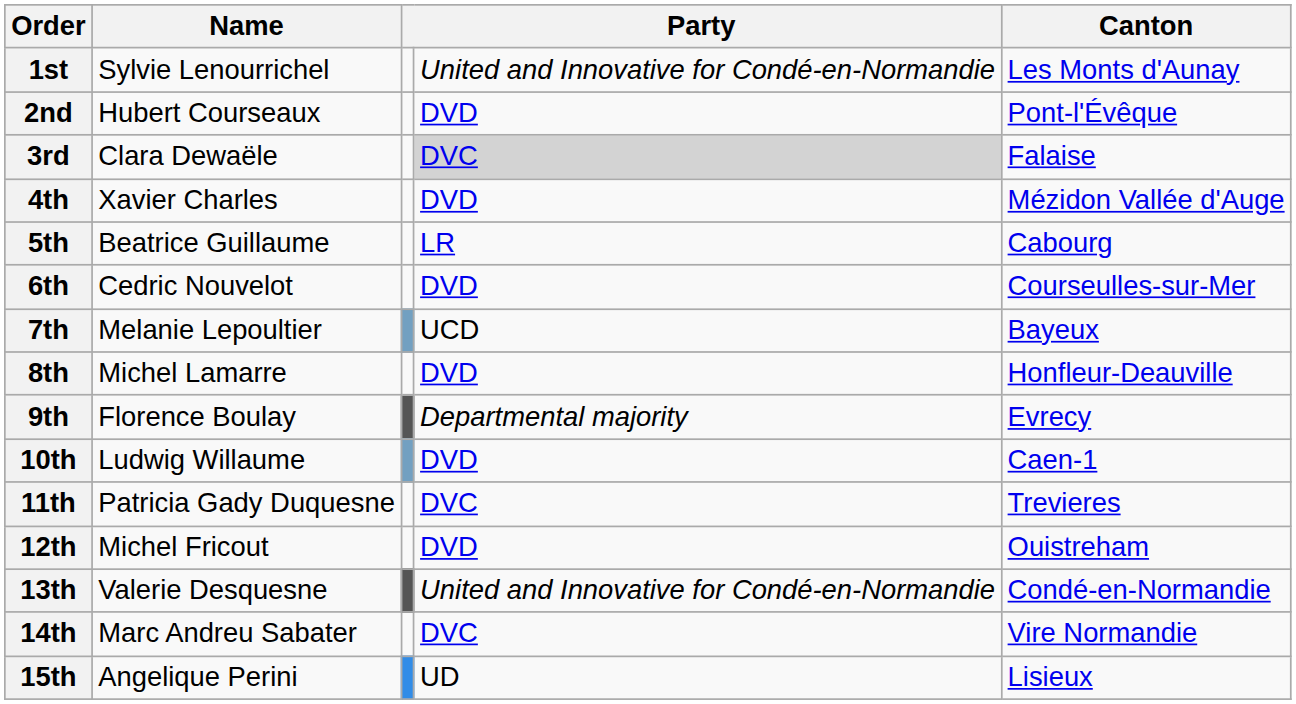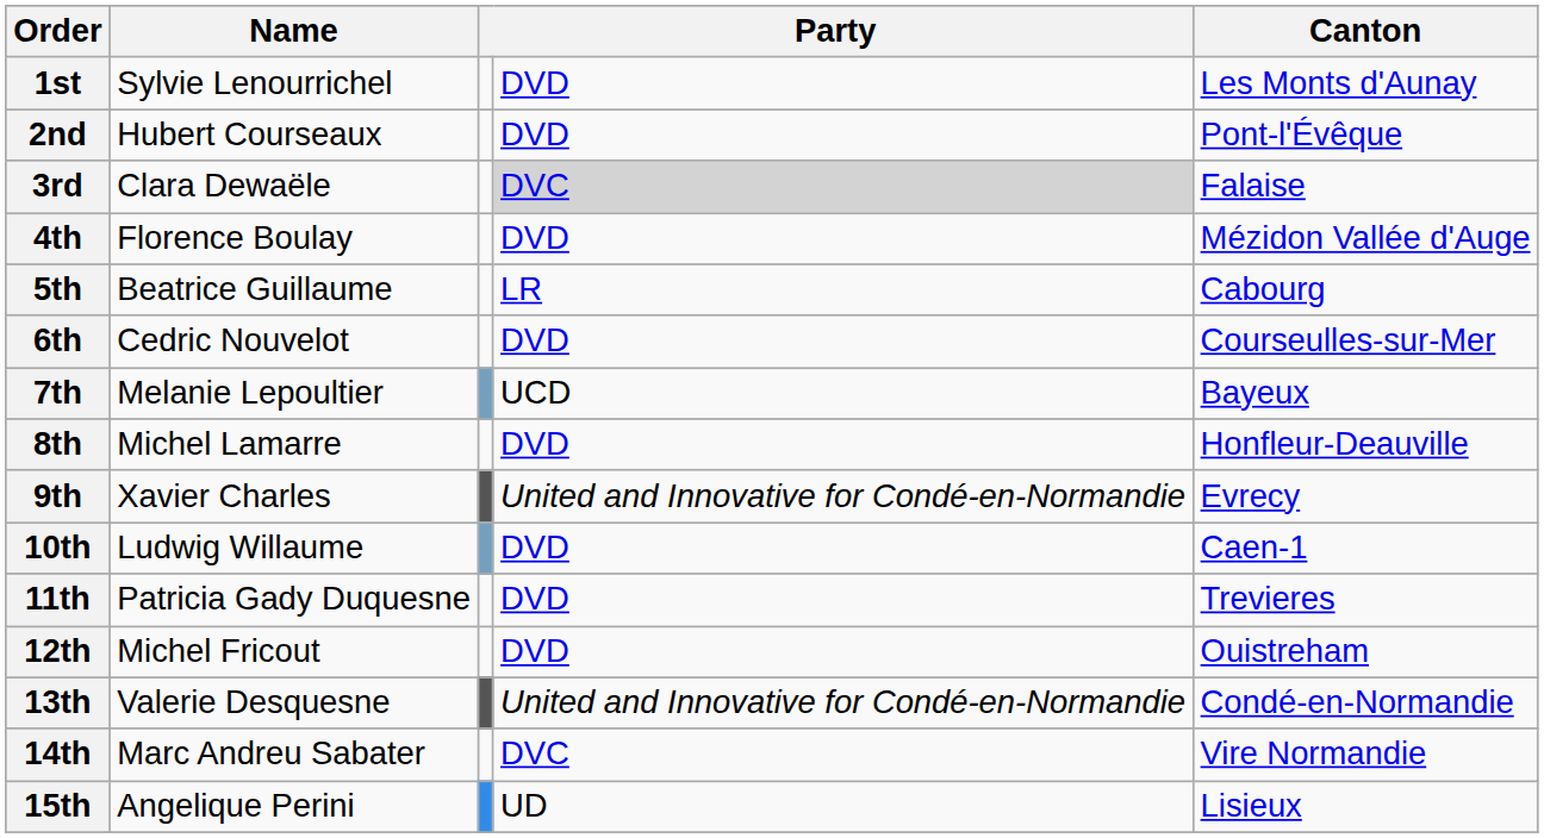 <table class="wikitable sortable">
 <tr>
 <th>Order</th>
 <th>Name</th>
 <th colspan="2">Party</th>
 <th>Canton</th>
 </tr>
 <tr>
 <th>1st</th>
 <td>Sylvie Lenourrichel</td>
 <td style="color:inherit;background:"></td>
-<td><em>United and Innovative for Condé-en-Normandie</em></td>
+<td><a href='#'>DVD</a></td>
 <td><a href='#'>Les Monts d'Aunay</a></td>
 </tr>
 <tr>
 <th>2nd</th>
 <td>Hubert Courseaux</td>
 <td style="color:inherit;background:"></td>
 <td><a href='#'>DVD</a></td>
 <td><a href='#'>Pont-l'Évêque</a></td>
 </tr>
 <tr>
 <th>3rd</th>
 <td>Clara Dewaële</td>
 <td style="color:inherit;background:"></td>
 <td style="background: lightgrey;"><a href='#'>DVC</a></td>
 <td><a href='#'>Falaise</a></td>
 </tr>
 <tr>
 <th>4th</th>
-<td>Xavier Charles</td>
+<td>Florence Boulay</td>
 <td style="color:inherit;background:"></td>
 <td><a href='#'>DVD</a></td>
 <td><a href='#'>Mézidon Vallée d'Auge</a></td>
 </tr>
 <tr>
 <th>5th</th>
 <td>Beatrice Guillaume</td>
 <td style="color:inherit;background:"></td>
 <td><a href='#'>LR</a></td>
 <td><a href='#'>Cabourg</a></td>
 </tr>
 <tr>
 <th>6th</th>
 <td>Cedric Nouvelot</td>
 <td style="color:inherit;background:"></td>
 <td><a href='#'>DVD</a></td>
 <td><a href='#'>Courseulles-sur-Mer</a></td>
 </tr>
 <tr>
 <th>7th</th>
 <td>Melanie Lepoultier</td>
 <td style="color:inherit;background:#72A0C1"></td>
 <td>UCD</td>
 <td><a href='#'>Bayeux</a></td>
 </tr>
 <tr>
 <th>8th</th>
 <td>Michel Lamarre</td>
 <td style="color:inherit;background:"></td>
 <td><a href='#'>DVD</a></td>
 <td><a href='#'>Honfleur-Deauville</a></td>
 </tr>
 <tr>
 <th>9th</th>
-<td>Florence Boulay</td>
+<td>Xavier Charles</td>
 <td style="color:inherit;background:#555555"></td>
-<td><em>Departmental majority</em></td>
+<td><em>United and Innovative for Condé-en-Normandie</em></td>
 <td><a href='#'>Evrecy</a></td>
 </tr>
 <tr>
 <th>10th</th>
 <td>Ludwig Willaume</td>
 <td style="color:inherit;background:#72A0C1"></td>
 <td><a href='#'>DVD</a></td>
 <td><a href='#'>Caen-1</a></td>
 </tr>
 <tr>
 <th>11th</th>
 <td>Patricia Gady Duquesne</td>
 <td style="color:inherit;background:"></td>
-<td><a href='#'>DVC</a></td>
+<td><a href='#'>DVD</a></td>
 <td><a href='#'>Trevieres</a></td>
 </tr>
 <tr>
 <th>12th</th>
 <td>Michel Fricout</td>
 <td style="color:inherit;background:"></td>
 <td><a href='#'>DVD</a></td>
 <td><a href='#'>Ouistreham</a></td>
 </tr>
 <tr>
 <th>13th</th>
 <td>Valerie Desquesne</td>
 <td style="color:inherit;background:#555555"></td>
 <td><em>United and Innovative for Condé-en-Normandie</em></td>
 <td><a href='#'>Condé-en-Normandie</a></td>
 </tr>
 <tr>
 <th>14th</th>
 <td>Marc Andreu Sabater</td>
 <td style="color:inherit;background:"></td>
 <td><a href='#'>DVC</a></td>
 <td><a href='#'>Vire Normandie</a></td>
 </tr>
 <tr>
 <th>15th</th>
 <td>Angelique Perini</td>
 <td style="color:inherit;background:#318CE7"></td>
 <td>UD</td>
 <td><a href='#'>Lisieux</a></td>
 </tr>
 </table>
